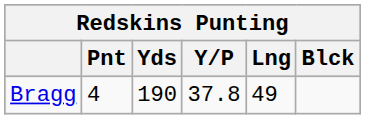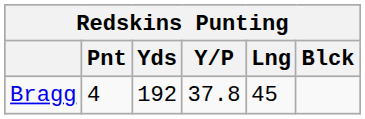 <table class="wikitable">
 <tr>
 <th colspan="6">Redskins Punting</th>
 </tr>
 <tr>
 <th></th>
 <th>Pnt</th>
 <th>Yds</th>
 <th>Y/P</th>
 <th>Lng</th>
 <th>Blck</th>
 </tr>
 <tr>
 <td><a href='#'>Bragg</a></td>
 <td>4</td>
-<td>190</td>
+<td>192</td>
 <td>37.8</td>
-<td>49</td>
+<td>45</td>
 <td></td>
 </tr>
 </table>
